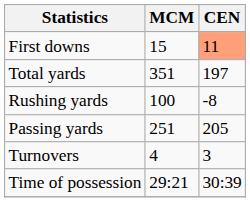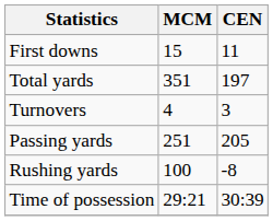 <table class="wikitable">
 <tr>
 <th>Statistics</th>
 <th>MCM</th>
 <th>CEN</th>
 </tr>
 <tr>
 <td>First downs</td>
 <td>15</td>
-<td style="background: lightsalmon;">11</td>
+<td>11</td>
 </tr>
 <tr>
 <td>Total yards</td>
 <td>351</td>
 <td>197</td>
 </tr>
 <tr>
-<td>Rushing yards</td>
-<td>100</td>
-<td>-8</td>
+<td>Turnovers</td>
+<td>4</td>
+<td>3</td>
 </tr>
 <tr>
 <td>Passing yards</td>
 <td>251</td>
 <td>205</td>
 </tr>
 <tr>
-<td>Turnovers</td>
-<td>4</td>
-<td>3</td>
+<td>Rushing yards</td>
+<td>100</td>
+<td>-8</td>
 </tr>
 <tr>
 <td>Time of possession</td>
 <td>29:21</td>
 <td>30:39</td>
 </tr>
 <tr>
 </tr>
 </table>
